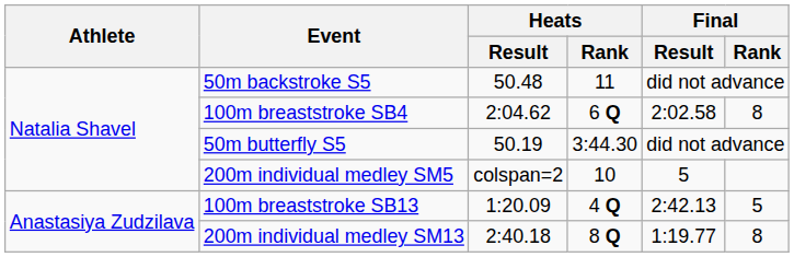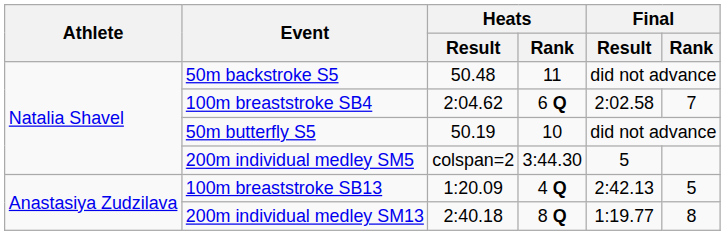 <table class=wikitable style="font-size:90%">
 <tr>
 <th rowspan="2">Athlete</th>
 <th rowspan="2">Event</th>
 <th colspan="2">Heats</th>
 <th colspan="2">Final</th>
 </tr>
 <tr>
 <th>Result</th>
 <th>Rank</th>
 <th>Result</th>
 <th>Rank</th>
 </tr>
 <tr align=center>
 <td align=left rowspan=4><a href='#'>Natalia Shavel</a></td>
 <td align=left><a href='#'>50m backstroke S5</a></td>
 <td>50.48</td>
 <td>11</td>
 <td colspan=2>did not advance</td>
 </tr>
 <tr align=center>
 <td align=left><a href='#'>100m breaststroke SB4</a></td>
 <td>2:04.62</td>
 <td>6 <strong>Q</strong></td>
 <td>2:02.58</td>
-<td>8</td>
+<td>7</td>
 </tr>
 <tr align=center>
 <td align=left><a href='#'>50m butterfly S5</a></td>
 <td>50.19</td>
-<td>3:44.30</td>
+<td>10</td>
 <td colspan=2>did not advance</td>
 </tr>
 <tr align=center>
 <td align=left><a href='#'>200m individual medley SM5</a></td>
 <td>colspan=2 </td>
-<td>10</td>
+<td>3:44.30</td>
 <td>5</td>
 </tr>
 <tr align=center>
 <td align=left rowspan=2><a href='#'>Anastasiya Zudzilava</a></td>
 <td align=left><a href='#'>100m breaststroke SB13</a></td>
 <td>1:20.09</td>
 <td>4 <strong>Q</strong></td>
 <td>2:42.13</td>
 <td>5</td>
 </tr>
 <tr align=center>
 <td align=left><a href='#'>200m individual medley SM13</a></td>
 <td>2:40.18</td>
 <td>8 <strong>Q</strong></td>
 <td>1:19.77</td>
 <td>8</td>
 </tr>
 </table>
